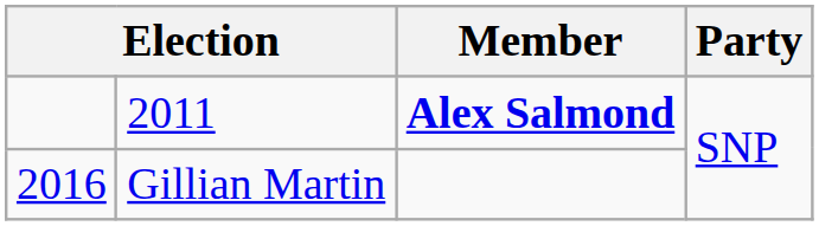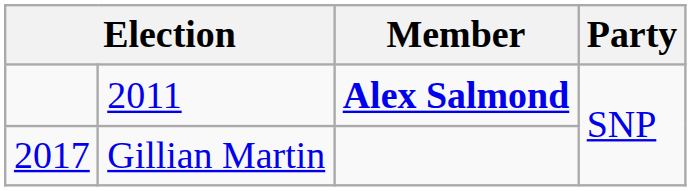 <table class="wikitable">
 <tr>
 <th colspan="2">Election</th>
 <th>Member</th>
 <th>Party</th>
 </tr>
 <tr>
 <td style="background-color: "></td>
 <td><a href='#'>2011</a></td>
 <td><strong><a href='#'>Alex Salmond</a></strong></td>
 <td rowspan="2"><a href='#'>SNP</a></td>
 </tr>
 <tr>
-<td><a href='#'>2016</a></td>
+<td><a href='#'>2017</a></td>
 <td><a href='#'>Gillian Martin</a></td>
 </tr>
 </table>
